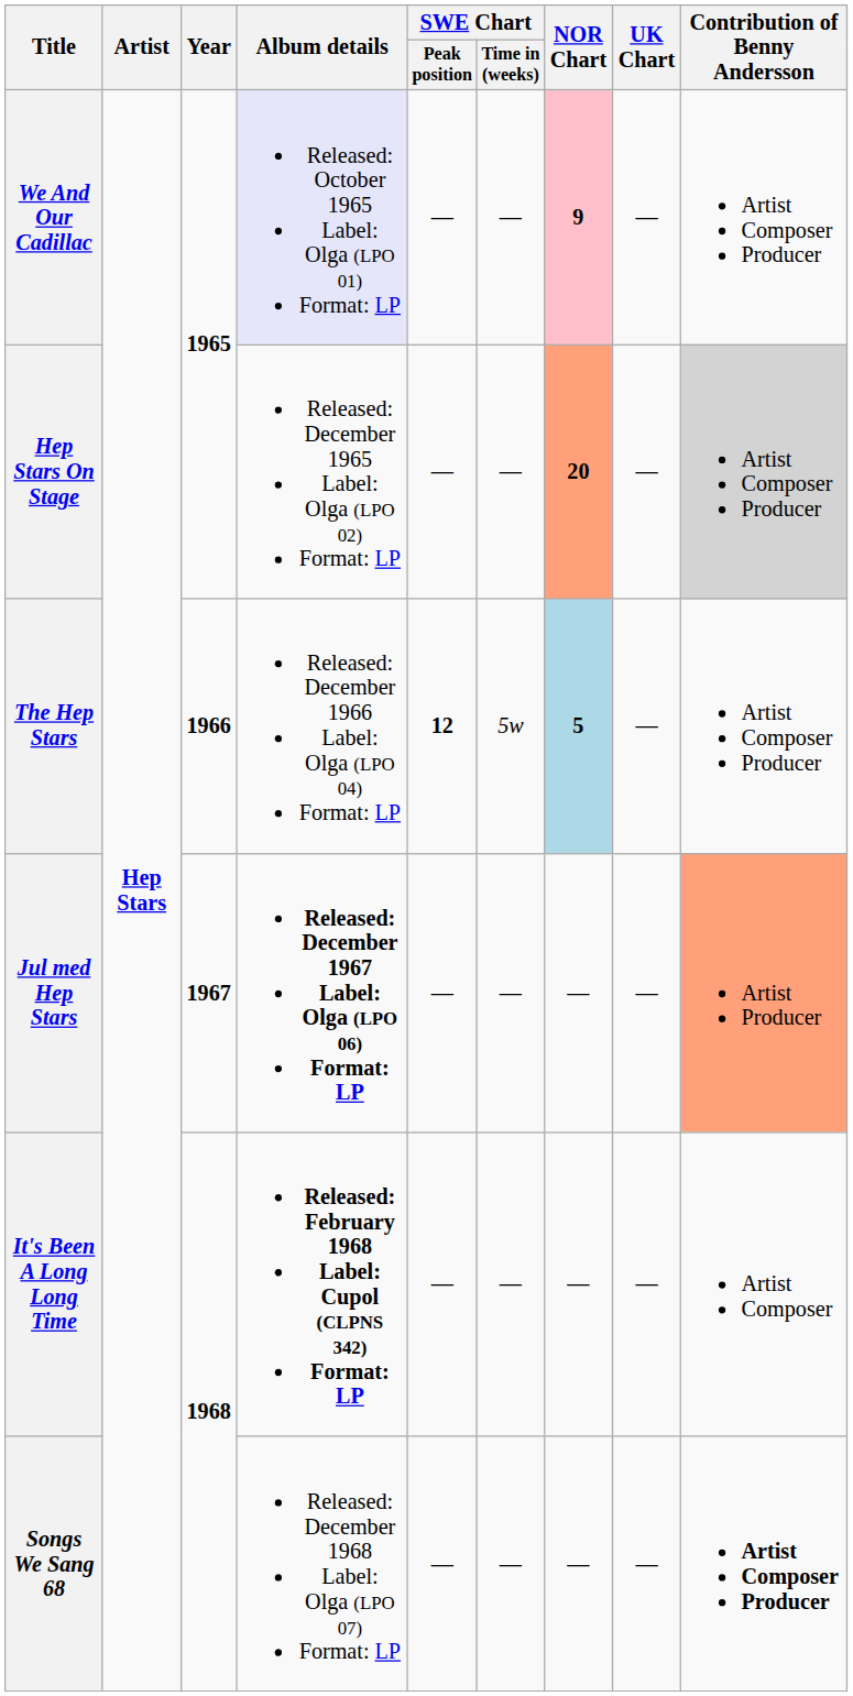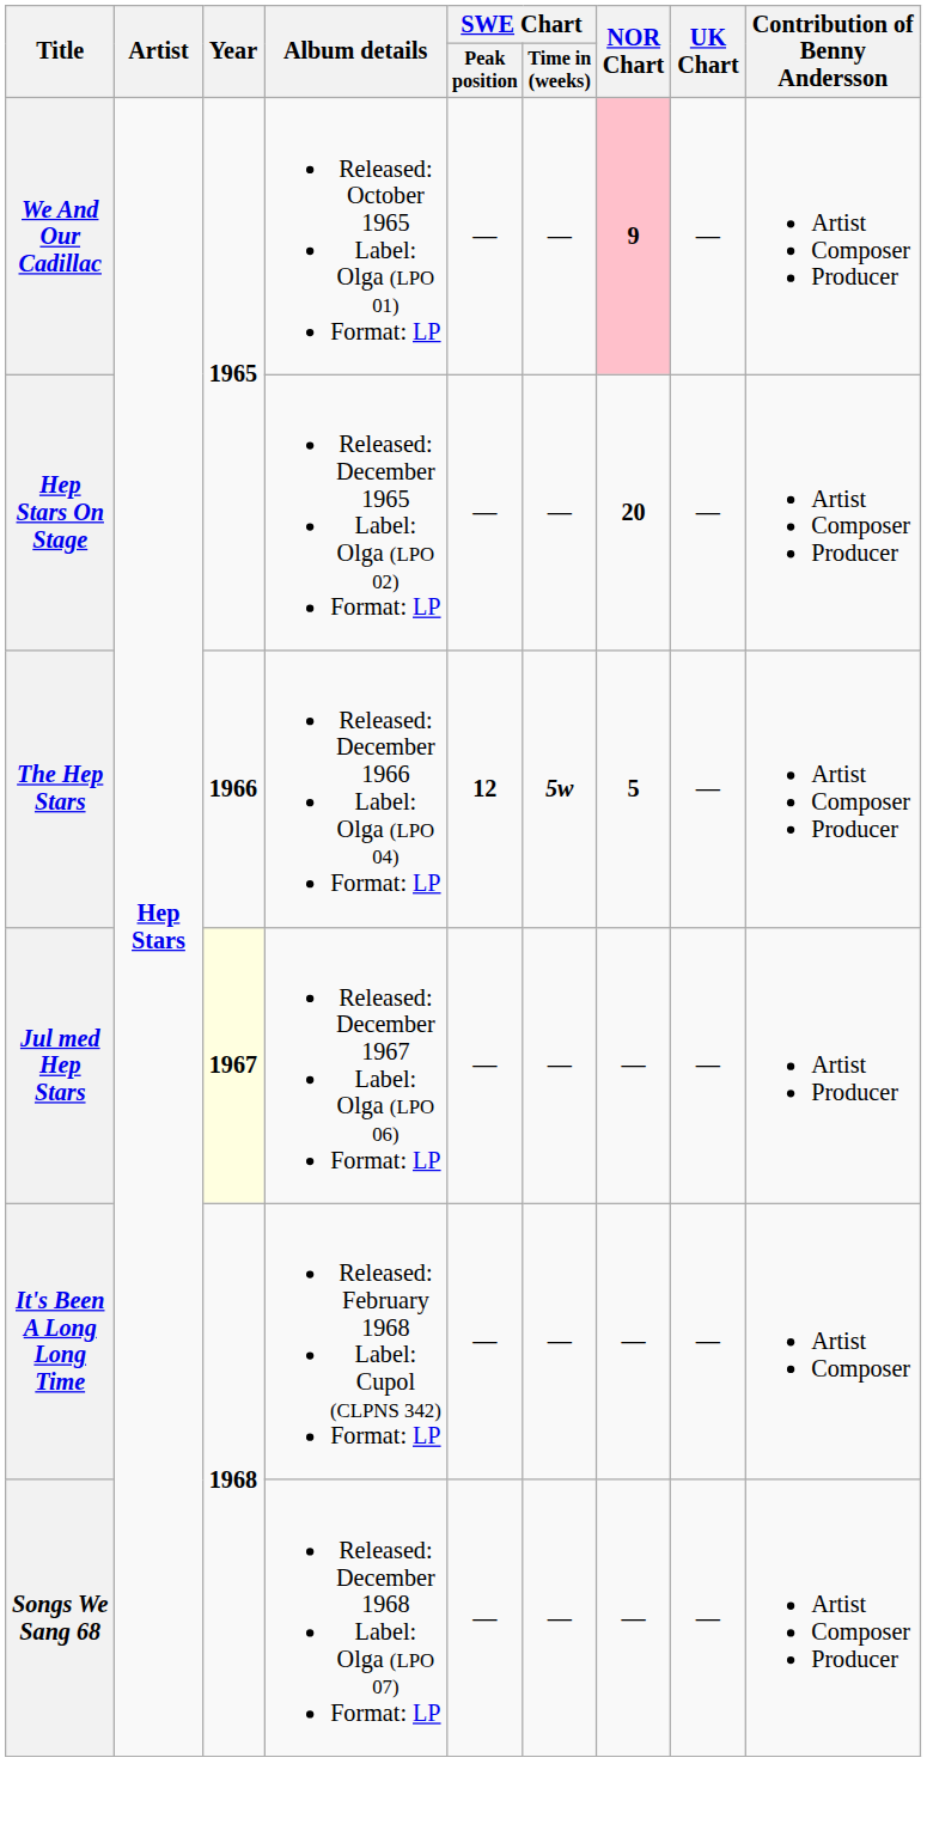 <table class="wikitable plainrowheaders" style="text-align:center;" border="1">
 <tr>
 <th scope="col" rowspan="2" style="width:15em;">Title</th>
 <th scope="col" rowspan="2" style="width:15em;">Artist</th>
 <th scope="col" rowspan="2" style="width:4em;">Year</th>
 <th scope="col" rowspan="2" style="width:16em;">Album details</th>
 <th scope="col" colspan="2"><a href='#'>SWE</a> Chart</th>
 <th scope="col" rowspan="2" style="width:4em;"><a href='#'>NOR</a><br>Chart</th>
 <th scope="col" rowspan="2" style="width:4em;"><a href='#'>UK</a><br>Chart</th>
 <th scope="col" rowspan="2" style="width:10em;">Contribution of<br>Benny Andersson</th>
 </tr>
 <tr>
 <th scope="col" style="width:5em;font-size:80%;">Peak position</th>
 <th scope="col" style="width:5em;font-size:80%;">Time in<br>(weeks)</th>
 </tr>
 <tr>
 <th scope="row"><em><a href='#'>We And Our Cadillac</a></em></th>
 <td rowspan="6"><strong><a href='#'>Hep Stars</a></strong></td>
 <td rowspan="2"><strong>1965</strong></td>
-<td style="background: lavender;"><br><ul><li>Released: October 1965</li><li>Label: Olga <small>(LPO 01)</small></li><li>Format: <a href='#'>LP</a></li></ul></td>
+<td><br><ul><li>Released: October 1965</li><li>Label: Olga <small>(LPO 01)</small></li><li>Format: <a href='#'>LP</a></li></ul></td>
 <td>—</td>
 <td>—</td>
 <td style="background: pink;"><strong>9</strong></td>
 <td>—</td>
 <td style="text-align:left;"><br><ul><li>Artist</li><li>Composer</li><li>Producer</li></ul></td>
 </tr>
 <tr>
 <th scope="row"><em><a href='#'>Hep Stars On Stage</a></em></th>
 <td><br><ul><li>Released: December 1965</li><li>Label: Olga <small>(LPO 02)</small></li><li>Format: <a href='#'>LP</a></li></ul></td>
 <td>—</td>
 <td>—</td>
-<td style="background: lightsalmon;"><strong>20</strong></td>
+<td><strong>20</strong></td>
 <td>—</td>
-<td style="background: lightgrey; text-align:left;"><br><ul><li>Artist</li><li>Composer</li><li>Producer</li></ul></td>
+<td style="text-align:left;"><br><ul><li>Artist</li><li>Composer</li><li>Producer</li></ul></td>
 </tr>
 <tr>
 <th scope="row"><em><a href='#'>The Hep Stars</a></em></th>
 <td><strong>1966</strong></td>
 <td><br><ul><li>Released: December 1966</li><li>Label: Olga <small>(LPO 04)</small></li><li>Format: <a href='#'>LP</a></li></ul></td>
 <td><strong>12</strong></td>
-<td><em>5w</em></td>
-<td style="background: lightblue;"><strong>5</strong></td>
+<td><strong><em>5w</em></strong></td>
+<td><strong>5</strong></td>
 <td>—</td>
 <td style="text-align:left;"><br><ul><li>Artist</li><li>Composer</li><li>Producer</li></ul></td>
 </tr>
 <tr>
 <th scope="row"><em><a href='#'>Jul med Hep Stars</a></em></th>
-<td><strong>1967</strong></td>
-<td><strong><br><ul><li>Released: December 1967</li><li>Label: Olga <small>(LPO 06)</small></li><li>Format: <a href='#'>LP</a></li></ul></strong></td>
+<td style="background: lightyellow;"><strong>1967</strong></td>
+<td><br><ul><li>Released: December 1967</li><li>Label: Olga <small>(LPO 06)</small></li><li>Format: <a href='#'>LP</a></li></ul></td>
 <td>—</td>
 <td>—</td>
 <td>—</td>
 <td>—</td>
-<td style="background: lightsalmon; text-align:left;"><br><ul><li>Artist</li><li>Producer</li></ul></td>
+<td style="text-align:left;"><br><ul><li>Artist</li><li>Producer</li></ul></td>
 </tr>
 <tr>
 <th scope="row"><em><a href='#'>It's Been A Long Long Time</a></em></th>
 <td rowspan="2"><strong>1968</strong></td>
-<td><strong><br><ul><li>Released: February 1968</li><li>Label: Cupol <small>(CLPNS 342)</small></li><li>Format: <a href='#'>LP</a></li></ul></strong></td>
+<td><br><ul><li>Released: February 1968</li><li>Label: Cupol <small>(CLPNS 342)</small></li><li>Format: <a href='#'>LP</a></li></ul></td>
 <td>—</td>
 <td>—</td>
 <td>—</td>
 <td>—</td>
 <td style="text-align:left;"><br><ul><li>Artist</li><li>Composer</li></ul></td>
 </tr>
 <tr>
 <th scope="row"><em>Songs We Sang 68</em></th>
 <td><br><ul><li>Released: December 1968</li><li>Label: Olga <small>(LPO 07)</small></li><li>Format: <a href='#'>LP</a></li></ul></td>
 <td>—</td>
 <td>—</td>
 <td>—</td>
 <td>—</td>
-<td style="text-align:left;"><strong><br><ul><li>Artist</li><li>Composer</li><li>Producer</li></ul></strong></td>
+<td style="text-align:left;"><br><ul><li>Artist</li><li>Composer</li><li>Producer</li></ul></td>
 </tr>
 <tr>
 </tr>
 </table>
